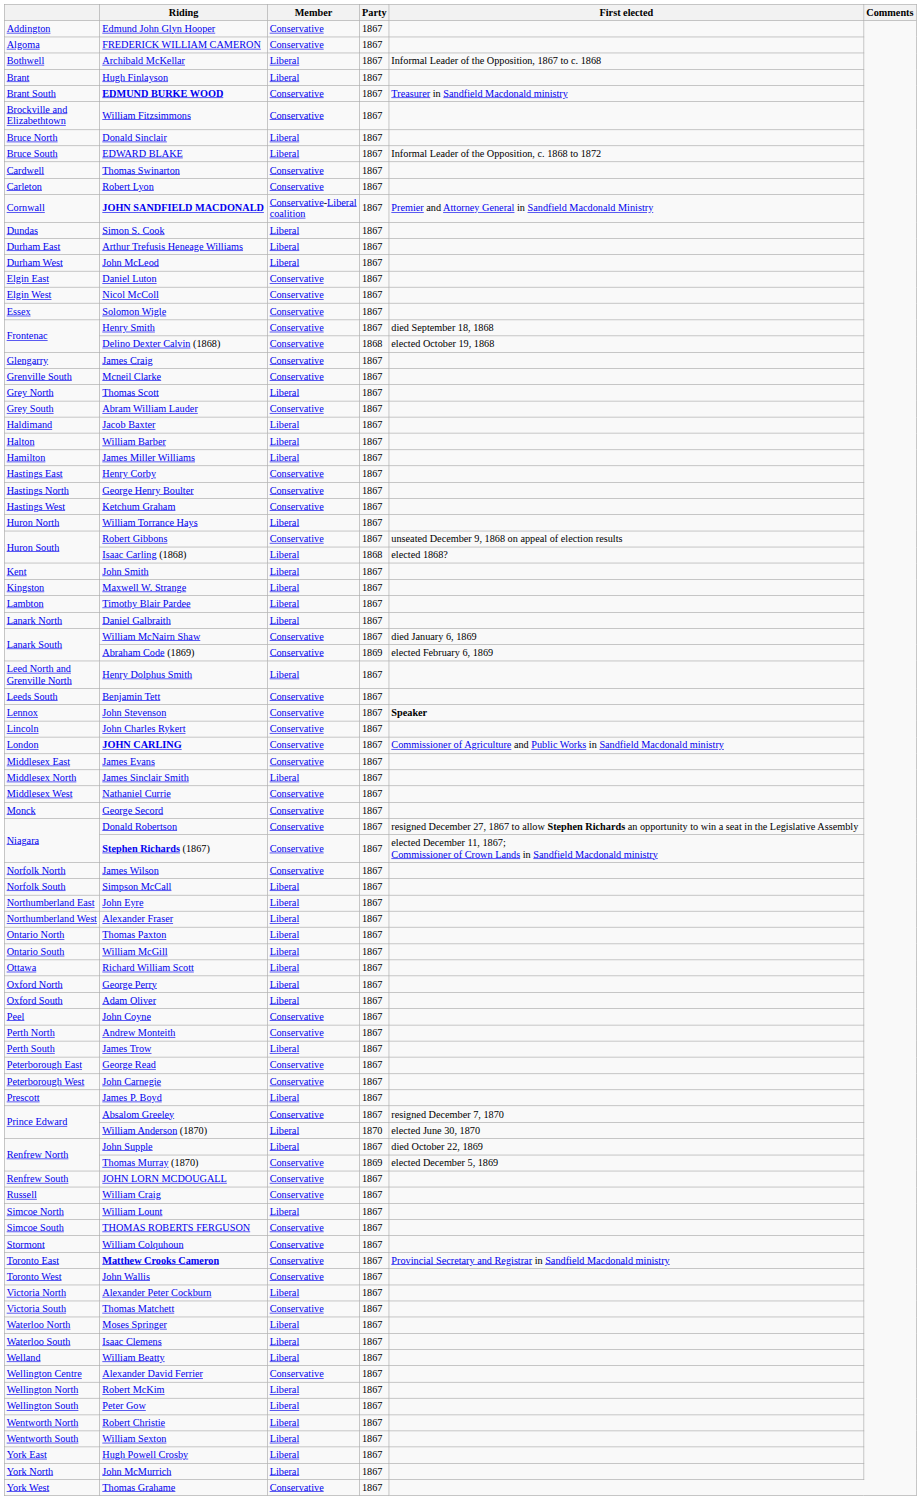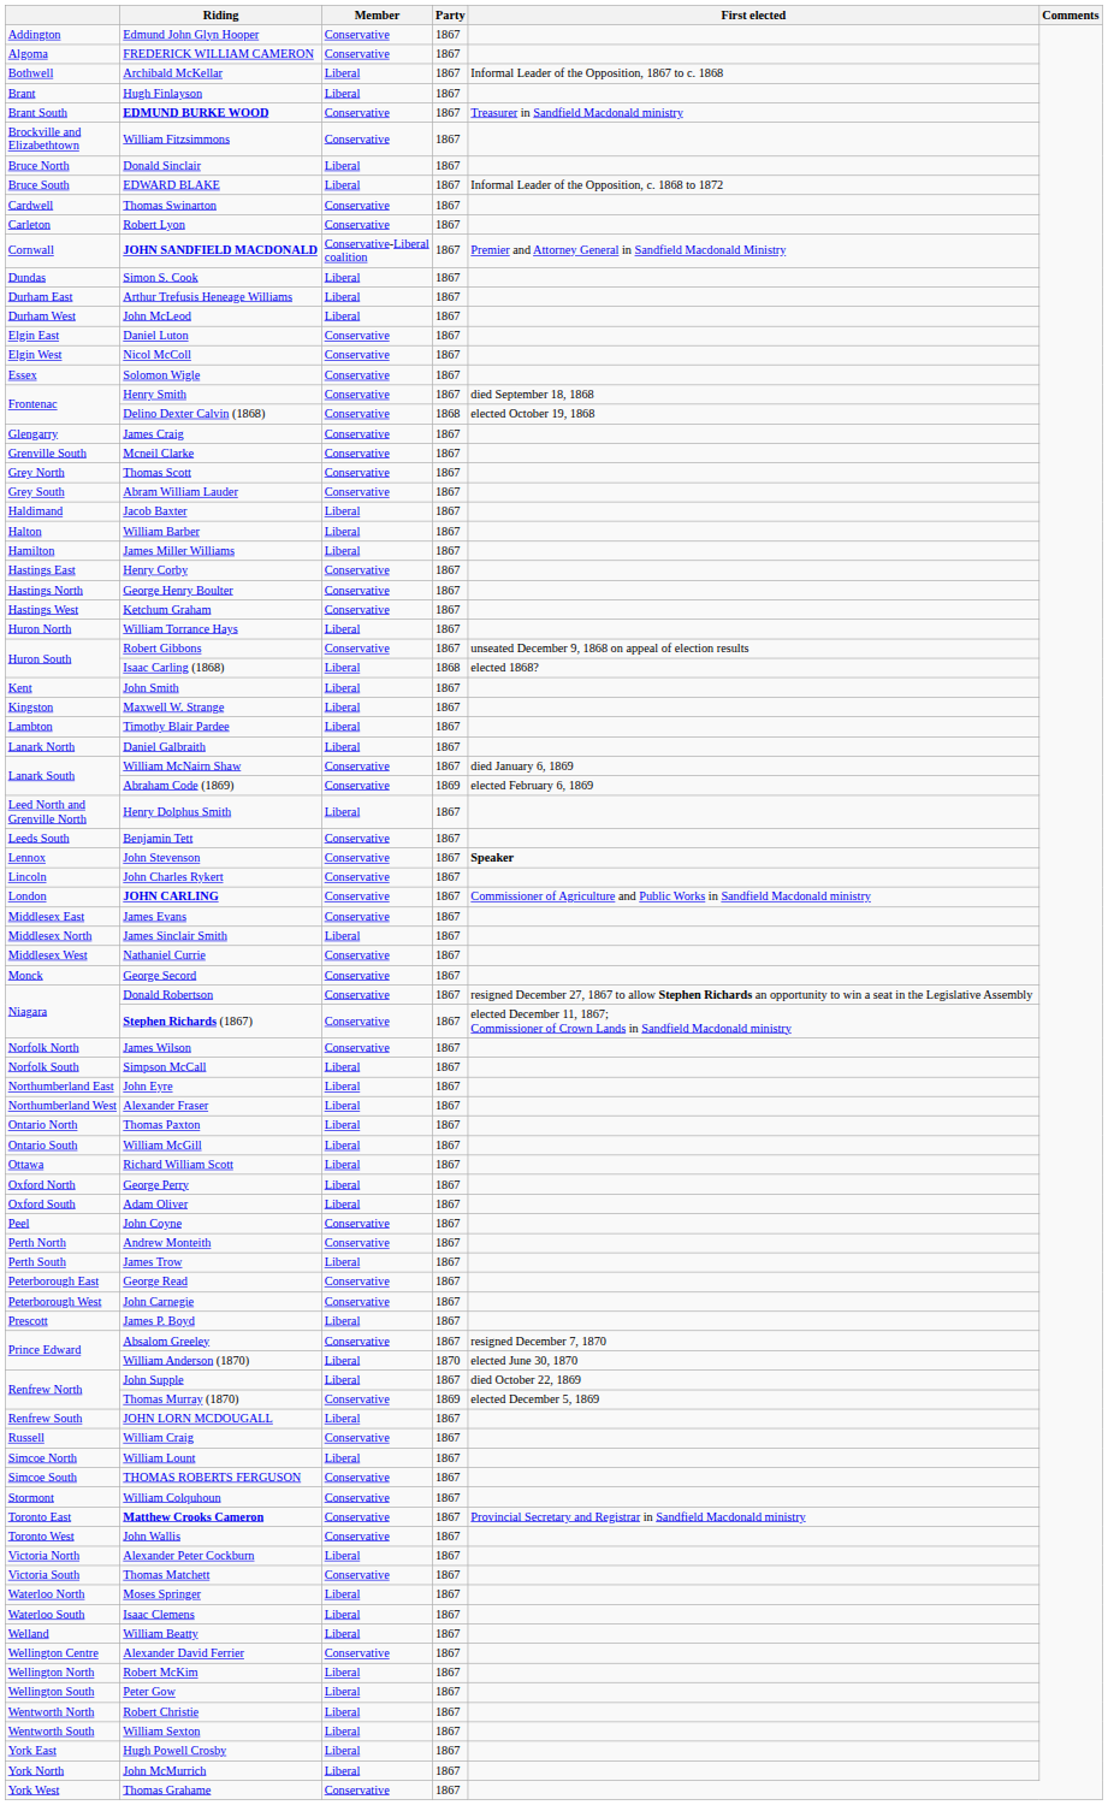 <table class="wikitable sortable" style="width: 90%">
 <tr>
 <th></th>
 <th>Riding</th>
 <th>Member</th>
 <th>Party</th>
 <th>First elected</th>
 <th>Comments</th>
 </tr>
 <tr>
 <td><a href='#'>Addington</a></td>
 <td><a href='#'>Edmund John Glyn Hooper</a></td>
 <td><a href='#'>Conservative</a></td>
 <td>1867</td>
 <td></td>
 </tr>
 <tr>
 <td><a href='#'>Algoma</a></td>
 <td><a href='#'>FREDERICK WILLIAM CAMERON</a></td>
 <td><a href='#'>Conservative</a></td>
 <td>1867</td>
 <td></td>
 </tr>
 <tr>
 <td><a href='#'>Bothwell</a></td>
 <td><a href='#'>Archibald McKellar</a></td>
 <td><a href='#'>Liberal</a></td>
 <td>1867</td>
 <td>Informal Leader of the Opposition, 1867 to c. 1868</td>
 </tr>
 <tr>
 <td><a href='#'>Brant</a></td>
 <td><a href='#'>Hugh Finlayson</a></td>
 <td><a href='#'>Liberal</a></td>
 <td>1867</td>
 <td></td>
 </tr>
 <tr>
 <td><a href='#'>Brant South</a></td>
 <td><strong><a href='#'>EDMUND BURKE WOOD</a></strong></td>
 <td><a href='#'>Conservative</a></td>
 <td>1867</td>
 <td><a href='#'>Treasurer</a> in <a href='#'>Sandfield Macdonald ministry</a></td>
 </tr>
 <tr>
 <td><a href='#'>Brockville and <br> Elizabethtown</a></td>
 <td><a href='#'>William Fitzsimmons</a></td>
 <td><a href='#'>Conservative</a></td>
 <td>1867</td>
 <td></td>
 </tr>
 <tr>
 <td><a href='#'>Bruce North</a></td>
 <td><a href='#'>Donald Sinclair</a></td>
 <td><a href='#'>Liberal</a></td>
 <td>1867</td>
 <td></td>
 </tr>
 <tr>
 <td><a href='#'>Bruce South</a></td>
 <td><a href='#'>EDWARD BLAKE</a></td>
 <td><a href='#'>Liberal</a></td>
 <td>1867</td>
 <td>Informal Leader of the Opposition, c. 1868 to 1872</td>
 </tr>
 <tr>
 <td><a href='#'>Cardwell</a></td>
 <td><a href='#'>Thomas Swinarton</a></td>
 <td><a href='#'>Conservative</a></td>
 <td>1867</td>
 <td></td>
 </tr>
 <tr>
 <td><a href='#'>Carleton</a></td>
 <td><a href='#'>Robert Lyon</a></td>
 <td><a href='#'>Conservative</a></td>
 <td>1867</td>
 <td></td>
 </tr>
 <tr>
 <td><a href='#'>Cornwall</a></td>
 <td><strong><a href='#'>JOHN SANDFIELD MACDONALD</a></strong></td>
 <td><a href='#'>Conservative</a>-<a href='#'>Liberal</a> <br> <a href='#'>coalition</a></td>
 <td>1867</td>
 <td><a href='#'>Premier</a> and <a href='#'>Attorney General</a> in <a href='#'>Sandfield Macdonald Ministry</a></td>
 </tr>
 <tr>
 <td><a href='#'>Dundas</a></td>
 <td><a href='#'>Simon S. Cook</a></td>
 <td><a href='#'>Liberal</a></td>
 <td>1867</td>
 <td></td>
 </tr>
 <tr>
 <td><a href='#'>Durham East</a></td>
 <td><a href='#'>Arthur Trefusis Heneage Williams</a></td>
 <td><a href='#'>Liberal</a></td>
 <td>1867</td>
 <td></td>
 </tr>
 <tr>
 <td><a href='#'>Durham West</a></td>
 <td><a href='#'>John McLeod</a></td>
 <td><a href='#'>Liberal</a></td>
 <td>1867</td>
 <td></td>
 </tr>
 <tr>
 <td><a href='#'>Elgin East</a></td>
 <td><a href='#'>Daniel Luton</a></td>
 <td><a href='#'>Conservative</a></td>
 <td>1867</td>
 <td></td>
 </tr>
 <tr>
 <td><a href='#'>Elgin West</a></td>
 <td><a href='#'>Nicol McColl</a></td>
 <td><a href='#'>Conservative</a></td>
 <td>1867</td>
 <td></td>
 </tr>
 <tr>
 <td><a href='#'>Essex</a></td>
 <td><a href='#'>Solomon Wigle</a></td>
 <td><a href='#'>Conservative</a></td>
 <td>1867</td>
 <td></td>
 </tr>
 <tr>
 <td rowspan="2"><a href='#'>Frontenac</a></td>
 <td><a href='#'>Henry Smith</a></td>
 <td><a href='#'>Conservative</a></td>
 <td>1867</td>
 <td>died September 18, 1868</td>
 </tr>
 <tr>
 <td><a href='#'>Delino Dexter Calvin</a> (1868)</td>
 <td><a href='#'>Conservative</a></td>
 <td>1868</td>
 <td>elected October 19, 1868</td>
 </tr>
 <tr>
 <td><a href='#'>Glengarry</a></td>
 <td><a href='#'>James Craig</a></td>
 <td><a href='#'>Conservative</a></td>
 <td>1867</td>
 <td></td>
 </tr>
 <tr>
 <td><a href='#'>Grenville South</a></td>
 <td><a href='#'>Mcneil Clarke</a></td>
 <td><a href='#'>Conservative</a></td>
 <td>1867</td>
 <td></td>
 </tr>
 <tr>
 <td><a href='#'>Grey North</a></td>
 <td><a href='#'>Thomas Scott</a></td>
-<td><a href='#'>Liberal</a></td>
+<td><a href='#'>Conservative</a></td>
 <td>1867</td>
 <td></td>
 </tr>
 <tr>
 <td><a href='#'>Grey South</a></td>
 <td><a href='#'>Abram William Lauder</a></td>
 <td><a href='#'>Conservative</a></td>
 <td>1867</td>
 <td></td>
 </tr>
 <tr>
 <td><a href='#'>Haldimand</a></td>
 <td><a href='#'>Jacob Baxter</a></td>
 <td><a href='#'>Liberal</a></td>
 <td>1867</td>
 <td></td>
 </tr>
 <tr>
 <td><a href='#'>Halton</a></td>
 <td><a href='#'>William Barber</a></td>
 <td><a href='#'>Liberal</a></td>
 <td>1867</td>
 <td></td>
 </tr>
 <tr>
 <td><a href='#'>Hamilton</a></td>
 <td><a href='#'>James Miller Williams</a></td>
 <td><a href='#'>Liberal</a></td>
 <td>1867</td>
 <td></td>
 </tr>
 <tr>
 <td><a href='#'>Hastings East</a></td>
 <td><a href='#'>Henry Corby</a></td>
 <td><a href='#'>Conservative</a></td>
 <td>1867</td>
 <td></td>
 </tr>
 <tr>
 <td><a href='#'>Hastings North</a></td>
 <td><a href='#'>George Henry Boulter</a></td>
 <td><a href='#'>Conservative</a></td>
 <td>1867</td>
 <td></td>
 </tr>
 <tr>
 <td><a href='#'>Hastings West</a></td>
 <td><a href='#'>Ketchum Graham</a></td>
 <td><a href='#'>Conservative</a></td>
 <td>1867</td>
 <td></td>
 </tr>
 <tr>
 <td><a href='#'>Huron North</a></td>
 <td><a href='#'>William Torrance Hays</a></td>
 <td><a href='#'>Liberal</a></td>
 <td>1867</td>
 <td></td>
 </tr>
 <tr>
 <td rowspan="2"><a href='#'>Huron South</a></td>
 <td><a href='#'>Robert Gibbons</a></td>
 <td><a href='#'>Conservative</a></td>
 <td>1867</td>
 <td>unseated December 9, 1868 on appeal of election results</td>
 </tr>
 <tr>
 <td><a href='#'>Isaac Carling</a> (1868)</td>
 <td><a href='#'>Liberal</a></td>
 <td>1868</td>
 <td>elected 1868?</td>
 </tr>
 <tr>
 <td><a href='#'>Kent</a></td>
 <td><a href='#'>John Smith</a></td>
 <td><a href='#'>Liberal</a></td>
 <td>1867</td>
 <td></td>
 </tr>
 <tr>
 <td><a href='#'>Kingston</a></td>
 <td><a href='#'>Maxwell W. Strange</a></td>
 <td><a href='#'>Liberal</a></td>
 <td>1867</td>
 <td></td>
 </tr>
 <tr>
 <td><a href='#'>Lambton</a></td>
 <td><a href='#'>Timothy Blair Pardee</a></td>
 <td><a href='#'>Liberal</a></td>
 <td>1867</td>
 <td></td>
 </tr>
 <tr>
 <td><a href='#'>Lanark North</a></td>
 <td><a href='#'>Daniel Galbraith</a></td>
 <td><a href='#'>Liberal</a></td>
 <td>1867</td>
 <td></td>
 </tr>
 <tr>
 <td rowspan="2"><a href='#'>Lanark South</a></td>
 <td><a href='#'>William McNairn Shaw</a></td>
 <td><a href='#'>Conservative</a></td>
 <td>1867</td>
 <td>died January 6, 1869</td>
 </tr>
 <tr>
 <td><a href='#'>Abraham Code</a> (1869)</td>
 <td><a href='#'>Conservative</a></td>
 <td>1869</td>
 <td>elected February 6, 1869</td>
 </tr>
 <tr>
 <td><a href='#'>Leed North and <br> Grenville North</a></td>
 <td><a href='#'>Henry Dolphus Smith</a></td>
 <td><a href='#'>Liberal</a></td>
 <td>1867</td>
 <td></td>
 </tr>
 <tr>
 <td><a href='#'>Leeds South</a></td>
 <td><a href='#'>Benjamin Tett</a></td>
 <td><a href='#'>Conservative</a></td>
 <td>1867</td>
 <td></td>
 </tr>
 <tr>
 <td><a href='#'>Lennox</a></td>
 <td><a href='#'>John Stevenson</a></td>
 <td><a href='#'>Conservative</a></td>
 <td>1867</td>
 <td><strong>Speaker</strong></td>
 </tr>
 <tr>
 <td><a href='#'>Lincoln</a></td>
 <td><a href='#'>John Charles Rykert</a></td>
 <td><a href='#'>Conservative</a></td>
 <td>1867</td>
 <td></td>
 </tr>
 <tr>
 <td><a href='#'>London</a></td>
 <td><strong><a href='#'>JOHN CARLING</a></strong></td>
 <td><a href='#'>Conservative</a></td>
 <td>1867</td>
 <td><a href='#'>Commissioner of Agriculture</a> and <a href='#'>Public Works</a> in <a href='#'>Sandfield Macdonald ministry</a></td>
 </tr>
 <tr>
 <td><a href='#'>Middlesex East</a></td>
 <td><a href='#'>James Evans</a></td>
 <td><a href='#'>Conservative</a></td>
 <td>1867</td>
 <td></td>
 </tr>
 <tr>
 <td><a href='#'>Middlesex North</a></td>
 <td><a href='#'>James Sinclair Smith</a></td>
 <td><a href='#'>Liberal</a></td>
 <td>1867</td>
 <td></td>
 </tr>
 <tr>
 <td><a href='#'>Middlesex West</a></td>
 <td><a href='#'>Nathaniel Currie</a></td>
 <td><a href='#'>Conservative</a></td>
 <td>1867</td>
 <td></td>
 </tr>
 <tr>
 <td><a href='#'>Monck</a></td>
 <td><a href='#'>George Secord</a></td>
 <td><a href='#'>Conservative</a></td>
 <td>1867</td>
 <td></td>
 </tr>
 <tr>
 <td rowspan="2"><a href='#'>Niagara</a></td>
 <td><a href='#'>Donald Robertson</a></td>
 <td><a href='#'>Conservative</a></td>
 <td>1867</td>
 <td>resigned December 27, 1867 to allow <strong>Stephen Richards</strong> an opportunity to win a seat in the Legislative Assembly</td>
 </tr>
 <tr>
 <td><strong><a href='#'>Stephen Richards</a></strong> (1867)</td>
 <td><a href='#'>Conservative</a></td>
 <td>1867</td>
 <td>elected December 11, 1867;<br> <a href='#'>Commissioner of Crown Lands</a> in <a href='#'>Sandfield Macdonald ministry</a></td>
 </tr>
 <tr>
 <td><a href='#'>Norfolk North</a></td>
 <td><a href='#'>James Wilson</a></td>
 <td><a href='#'>Conservative</a></td>
 <td>1867</td>
 <td></td>
 </tr>
 <tr>
 <td><a href='#'>Norfolk South</a></td>
 <td><a href='#'>Simpson McCall</a></td>
 <td><a href='#'>Liberal</a></td>
 <td>1867</td>
 <td></td>
 </tr>
 <tr>
 <td><a href='#'>Northumberland East</a></td>
 <td><a href='#'>John Eyre</a></td>
 <td><a href='#'>Liberal</a></td>
 <td>1867</td>
 <td></td>
 </tr>
 <tr>
 <td><a href='#'>Northumberland West</a></td>
 <td><a href='#'>Alexander Fraser</a></td>
 <td><a href='#'>Liberal</a></td>
 <td>1867</td>
 <td></td>
 </tr>
 <tr>
 <td><a href='#'>Ontario North</a></td>
 <td><a href='#'>Thomas Paxton</a></td>
 <td><a href='#'>Liberal</a></td>
 <td>1867</td>
 <td></td>
 </tr>
 <tr>
 <td><a href='#'>Ontario South</a></td>
 <td><a href='#'>William McGill</a></td>
 <td><a href='#'>Liberal</a></td>
 <td>1867</td>
 <td></td>
 </tr>
 <tr>
 <td><a href='#'>Ottawa</a></td>
 <td><a href='#'>Richard William Scott</a></td>
 <td><a href='#'>Liberal</a></td>
 <td>1867</td>
 <td></td>
 </tr>
 <tr>
 <td><a href='#'>Oxford North</a></td>
 <td><a href='#'>George Perry</a></td>
 <td><a href='#'>Liberal</a></td>
 <td>1867</td>
 <td></td>
 </tr>
 <tr>
 <td><a href='#'>Oxford South</a></td>
 <td><a href='#'>Adam Oliver</a></td>
 <td><a href='#'>Liberal</a></td>
 <td>1867</td>
 <td></td>
 </tr>
 <tr>
 <td><a href='#'>Peel</a></td>
 <td><a href='#'>John Coyne</a></td>
 <td><a href='#'>Conservative</a></td>
 <td>1867</td>
 <td></td>
 </tr>
 <tr>
 <td><a href='#'>Perth North</a></td>
 <td><a href='#'>Andrew Monteith</a></td>
 <td><a href='#'>Conservative</a></td>
 <td>1867</td>
 <td></td>
 </tr>
 <tr>
 <td><a href='#'>Perth South</a></td>
 <td><a href='#'>James Trow</a></td>
 <td><a href='#'>Liberal</a></td>
 <td>1867</td>
 <td></td>
 </tr>
 <tr>
 <td><a href='#'>Peterborough East</a></td>
 <td><a href='#'>George Read</a></td>
 <td><a href='#'>Conservative</a></td>
 <td>1867</td>
 <td></td>
 </tr>
 <tr>
 <td><a href='#'>Peterborough West</a></td>
 <td><a href='#'>John Carnegie</a></td>
 <td><a href='#'>Conservative</a></td>
 <td>1867</td>
 <td></td>
 </tr>
 <tr>
 <td><a href='#'>Prescott</a></td>
 <td><a href='#'>James P. Boyd</a></td>
 <td><a href='#'>Liberal</a></td>
 <td>1867</td>
 <td></td>
 </tr>
 <tr>
 <td rowspan="2"><a href='#'>Prince Edward</a></td>
 <td><a href='#'>Absalom Greeley</a></td>
 <td><a href='#'>Conservative</a></td>
 <td>1867</td>
 <td>resigned December 7, 1870</td>
 </tr>
 <tr>
 <td><a href='#'>William Anderson</a> (1870)</td>
 <td><a href='#'>Liberal</a></td>
 <td>1870</td>
 <td>elected June 30, 1870</td>
 </tr>
 <tr>
 <td rowspan="2"><a href='#'>Renfrew North</a></td>
 <td><a href='#'>John Supple</a></td>
 <td><a href='#'>Liberal</a></td>
 <td>1867</td>
 <td>died October 22, 1869</td>
 </tr>
 <tr>
 <td><a href='#'>Thomas Murray</a> (1870)</td>
 <td><a href='#'>Conservative</a></td>
 <td>1869</td>
 <td>elected December 5, 1869</td>
 </tr>
 <tr>
 <td><a href='#'>Renfrew South</a></td>
 <td><a href='#'>JOHN LORN MCDOUGALL</a></td>
-<td><a href='#'>Conservative</a></td>
+<td><a href='#'>Liberal</a></td>
 <td>1867</td>
 <td></td>
 </tr>
 <tr>
 <td><a href='#'>Russell</a></td>
 <td><a href='#'>William Craig</a></td>
 <td><a href='#'>Conservative</a></td>
 <td>1867</td>
 <td></td>
 </tr>
 <tr>
 <td><a href='#'>Simcoe North</a></td>
 <td><a href='#'>William Lount</a></td>
 <td><a href='#'>Liberal</a></td>
 <td>1867</td>
 <td></td>
 </tr>
 <tr>
 <td><a href='#'>Simcoe South</a></td>
 <td><a href='#'>THOMAS ROBERTS FERGUSON</a></td>
 <td><a href='#'>Conservative</a></td>
 <td>1867</td>
 <td></td>
 </tr>
 <tr>
 <td><a href='#'>Stormont</a></td>
 <td><a href='#'>William Colquhoun</a></td>
 <td><a href='#'>Conservative</a></td>
 <td>1867</td>
 <td></td>
 </tr>
 <tr>
 <td><a href='#'>Toronto East</a></td>
 <td><strong><a href='#'>Matthew Crooks Cameron</a></strong></td>
 <td><a href='#'>Conservative</a></td>
 <td>1867</td>
 <td><a href='#'>Provincial Secretary and Registrar</a> in <a href='#'>Sandfield Macdonald ministry</a></td>
 </tr>
 <tr>
 <td><a href='#'>Toronto West</a></td>
 <td><a href='#'>John Wallis</a></td>
 <td><a href='#'>Conservative</a></td>
 <td>1867</td>
 <td></td>
 </tr>
 <tr>
 <td><a href='#'>Victoria North</a></td>
 <td><a href='#'>Alexander Peter Cockburn</a></td>
 <td><a href='#'>Liberal</a></td>
 <td>1867</td>
 <td></td>
 </tr>
 <tr>
 <td><a href='#'>Victoria South</a></td>
 <td><a href='#'>Thomas Matchett</a></td>
 <td><a href='#'>Conservative</a></td>
 <td>1867</td>
 <td></td>
 </tr>
 <tr>
 <td><a href='#'>Waterloo North</a></td>
 <td><a href='#'>Moses Springer</a></td>
 <td><a href='#'>Liberal</a></td>
 <td>1867</td>
 <td></td>
 </tr>
 <tr>
 <td><a href='#'>Waterloo South</a></td>
 <td><a href='#'>Isaac Clemens</a></td>
 <td><a href='#'>Liberal</a></td>
 <td>1867</td>
 <td></td>
 </tr>
 <tr>
 <td><a href='#'>Welland</a></td>
 <td><a href='#'>William Beatty</a></td>
 <td><a href='#'>Liberal</a></td>
 <td>1867</td>
 <td></td>
 </tr>
 <tr>
 <td><a href='#'>Wellington Centre</a></td>
 <td><a href='#'>Alexander David Ferrier</a></td>
 <td><a href='#'>Conservative</a></td>
 <td>1867</td>
 <td></td>
 </tr>
 <tr>
 <td><a href='#'>Wellington North</a></td>
 <td><a href='#'>Robert McKim</a></td>
 <td><a href='#'>Liberal</a></td>
 <td>1867</td>
 <td></td>
 </tr>
 <tr>
 <td><a href='#'>Wellington South</a></td>
 <td><a href='#'>Peter Gow</a></td>
 <td><a href='#'>Liberal</a></td>
 <td>1867</td>
 <td></td>
 </tr>
 <tr>
 <td><a href='#'>Wentworth North</a></td>
 <td><a href='#'>Robert Christie</a></td>
 <td><a href='#'>Liberal</a></td>
 <td>1867</td>
 <td></td>
 </tr>
 <tr>
 <td><a href='#'>Wentworth South</a></td>
 <td><a href='#'>William Sexton</a></td>
 <td><a href='#'>Liberal</a></td>
 <td>1867</td>
 <td></td>
 </tr>
 <tr>
 <td><a href='#'>York East</a></td>
 <td><a href='#'>Hugh Powell Crosby</a></td>
 <td><a href='#'>Liberal</a></td>
 <td>1867</td>
 <td></td>
 </tr>
 <tr>
 <td><a href='#'>York North</a></td>
 <td><a href='#'>John McMurrich</a></td>
 <td><a href='#'>Liberal</a></td>
 <td>1867</td>
 <td></td>
 </tr>
 <tr>
 <td><a href='#'>York West</a></td>
 <td><a href='#'>Thomas Grahame</a></td>
 <td><a href='#'>Conservative</a></td>
 <td>1867</td>
 </tr>
 </table>
